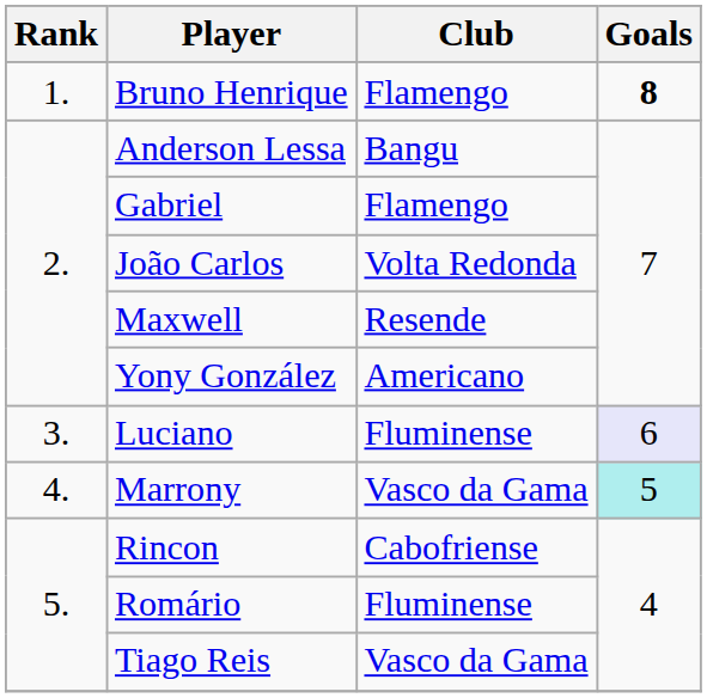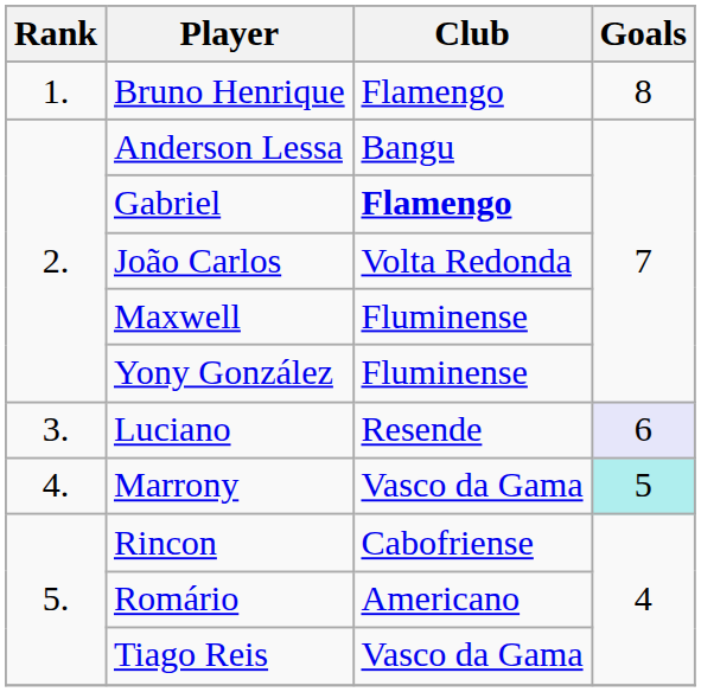 <table class="wikitable sortable" style="text-align:center">
 <tr>
 <th>Rank</th>
 <th>Player</th>
 <th>Club</th>
 <th>Goals</th>
 </tr>
 <tr>
 <td>1.</td>
 <td align="left"> <a href='#'>Bruno Henrique</a></td>
 <td align="left"><a href='#'>Flamengo</a></td>
-<td><strong>8</strong></td>
+<td>8</td>
 </tr>
 <tr>
 <td rowspan="5">2.</td>
 <td align="left"> <a href='#'>Anderson Lessa</a></td>
 <td align="left"><a href='#'>Bangu</a></td>
 <td rowspan="5">7</td>
 </tr>
 <tr>
 <td align="left"> <a href='#'>Gabriel</a></td>
-<td align="left"><a href='#'>Flamengo</a></td>
+<td align="left"><strong><a href='#'>Flamengo</a></strong></td>
 </tr>
 <tr>
 <td align="left"> <a href='#'>João Carlos</a></td>
 <td align="left"><a href='#'>Volta Redonda</a></td>
 </tr>
 <tr>
 <td align="left"> <a href='#'>Maxwell</a></td>
-<td align="left"><a href='#'>Resende</a></td>
+<td align="left"><a href='#'>Fluminense</a></td>
 </tr>
 <tr>
 <td align="left"> <a href='#'>Yony González</a></td>
-<td align="left"><a href='#'>Americano</a></td>
+<td align="left"><a href='#'>Fluminense</a></td>
 </tr>
 <tr>
 <td>3.</td>
 <td align="left"> <a href='#'>Luciano</a></td>
-<td align="left"><a href='#'>Fluminense</a></td>
+<td align="left"><a href='#'>Resende</a></td>
 <td style="background: lavender;">6</td>
 </tr>
 <tr>
 <td>4.</td>
 <td align="left"> <a href='#'>Marrony</a></td>
 <td align="left"><a href='#'>Vasco da Gama</a></td>
 <td style="background: paleturquoise;">5</td>
 </tr>
 <tr>
 <td rowspan="3">5.</td>
 <td align="left"> <a href='#'>Rincon</a></td>
 <td align="left"><a href='#'>Cabofriense</a></td>
 <td rowspan="3">4</td>
 </tr>
 <tr>
 <td align="left"> <a href='#'>Romário</a></td>
-<td align="left"><a href='#'>Fluminense</a></td>
+<td align="left"><a href='#'>Americano</a></td>
 </tr>
 <tr>
 <td align="left"> <a href='#'>Tiago Reis</a></td>
 <td align="left"><a href='#'>Vasco da Gama</a></td>
 </tr>
 <tr>
 </tr>
 </table>
